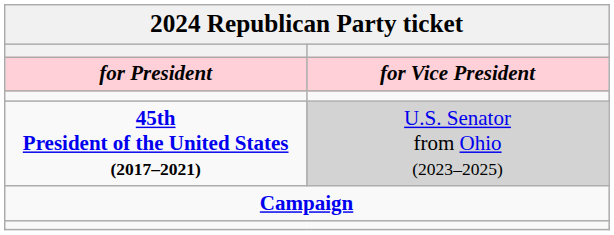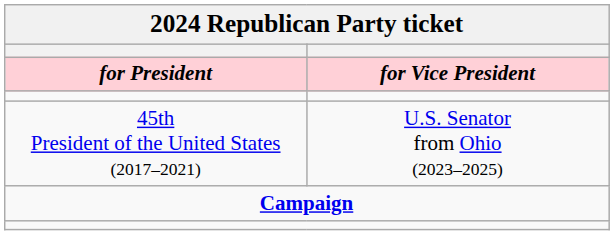 <table class="wikitable" style="font-size:90%; text-align:center;">
 <tr>
 <td colspan="30" style="background:#F1F1F1;"><big><strong>2024 Republican Party ticket</strong></big></td>
 </tr>
 <tr>
 <th style="width:3em; font-size:135%; background:"><a href='#'></a></th>
 <th style="width:3em; font-size:135%; background:"><a href='#'></a></th>
 </tr>
 <tr>
 <td style="width:3em; font-size:100%; color:#000; background:#FFD0D7; width:200px;"><strong><em>for President</em></strong></td>
 <td style="width:3em; font-size:100%; color:#000; background:#FFD0D7; width:200px;"><strong><em>for Vice President</em></strong></td>
 </tr>
 <tr>
 <td></td>
 <td></td>
 </tr>
 <tr>
-<td><strong><a href='#'>45th</a><br><a href='#'>President of the United States</a><br><small>(2017–2021)</small></strong></td>
-<td style="background: lightgrey;"><a href='#'>U.S. Senator</a><br>from <a href='#'>Ohio</a><br><small>(2023–2025)</small></td>
+<td><a href='#'>45th</a><br><a href='#'>President of the United States</a><br><small>(2017–2021)</small></td>
+<td><a href='#'>U.S. Senator</a><br>from <a href='#'>Ohio</a><br><small>(2023–2025)</small></td>
 </tr>
 <tr>
 <td colspan="2"><a href='#'><strong>Campaign</strong></a></td>
 </tr>
 <tr>
 <td colspan="2"></td>
 </tr>
 </table>
